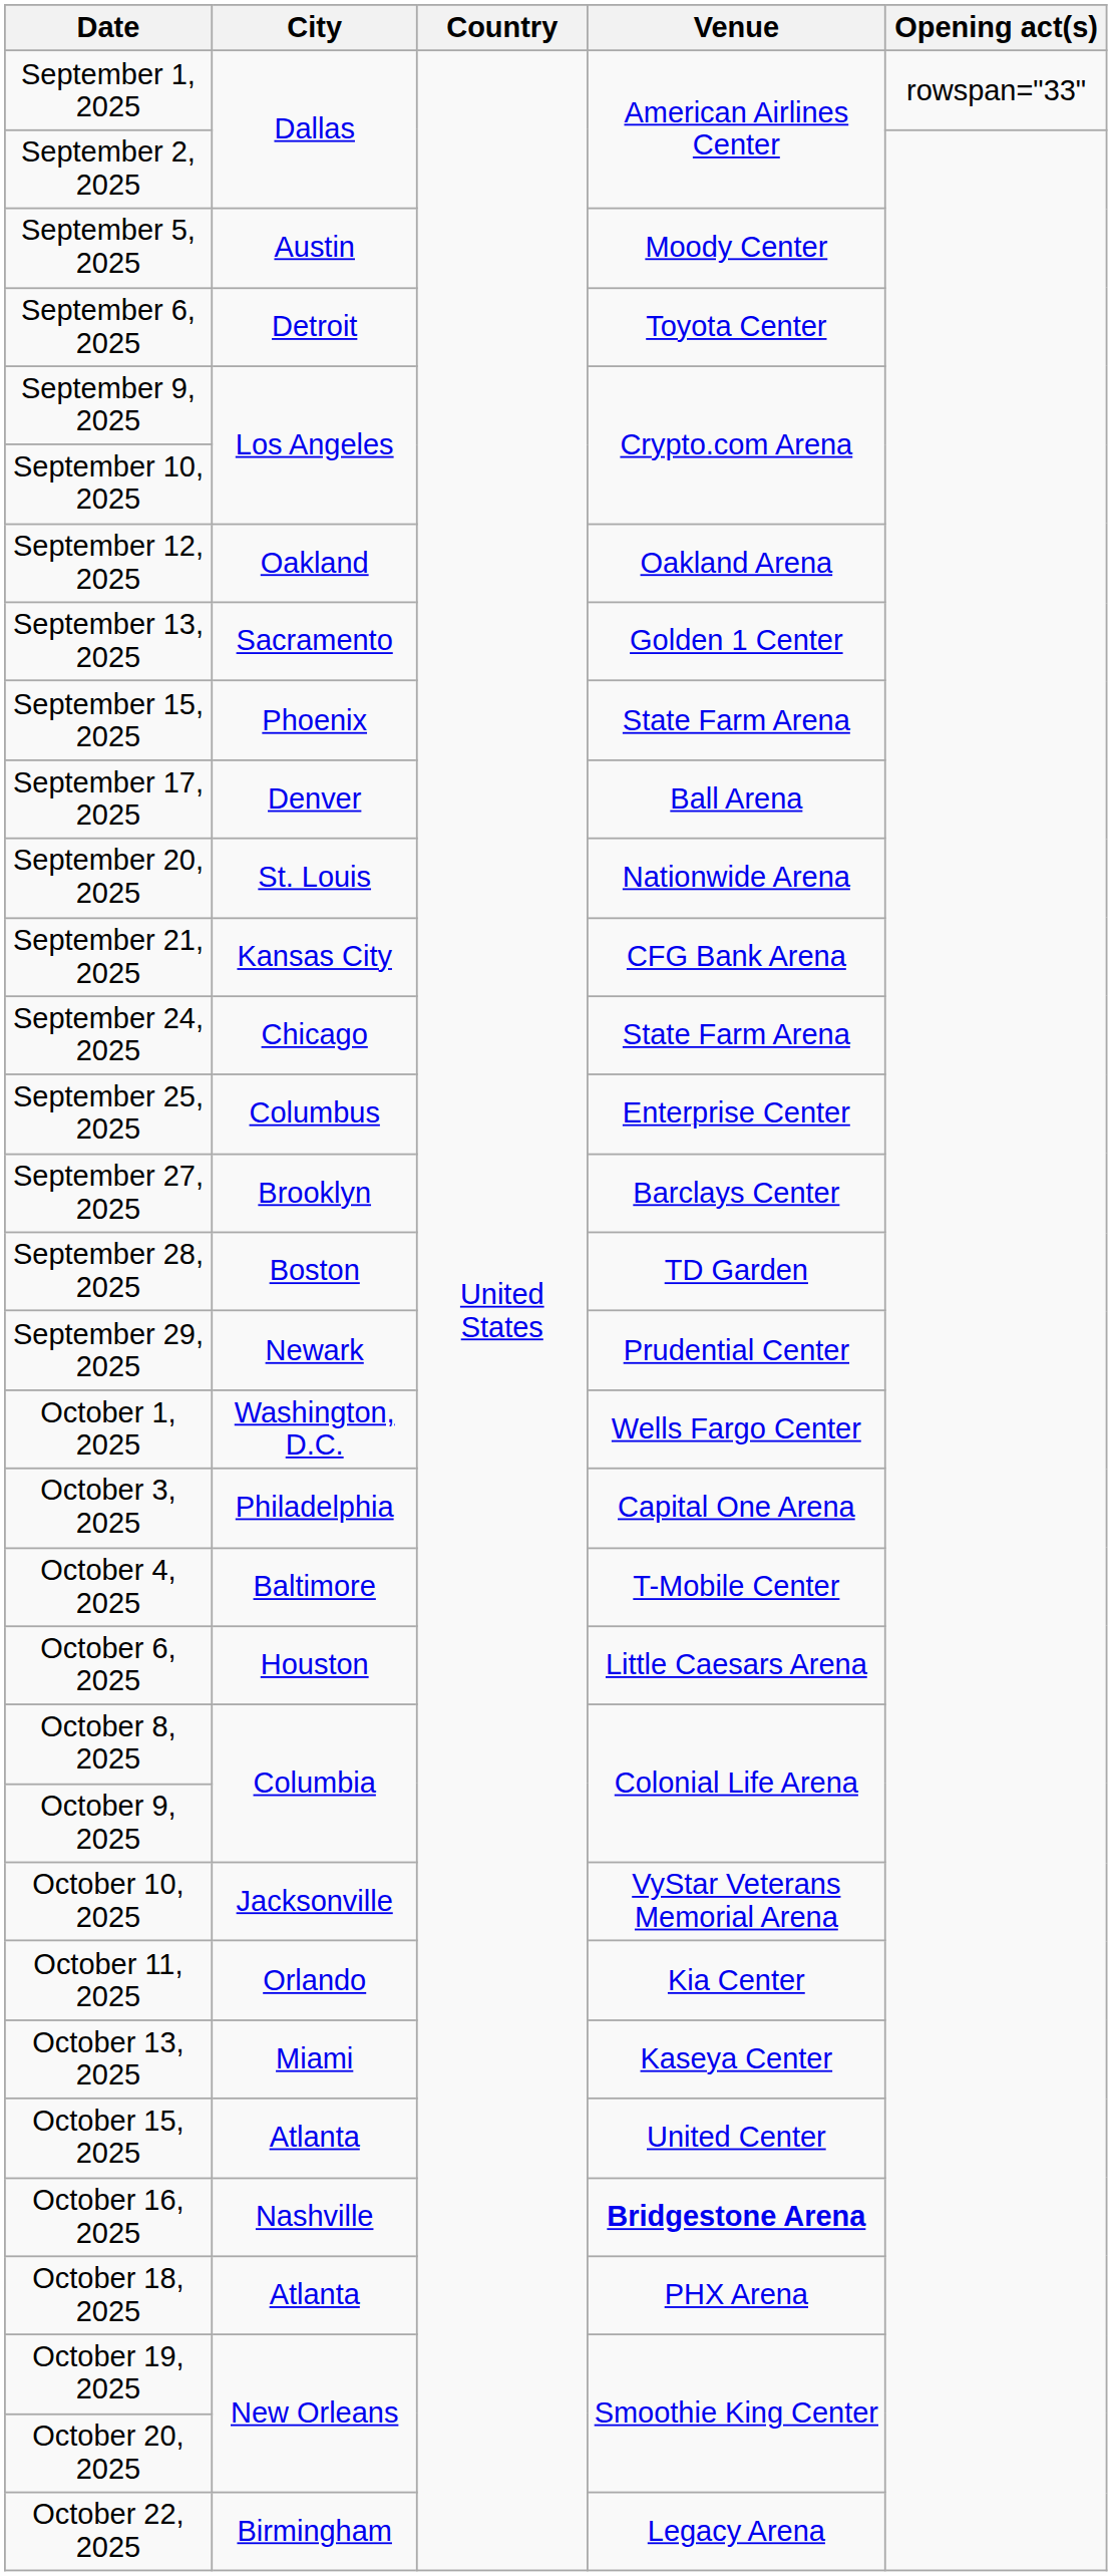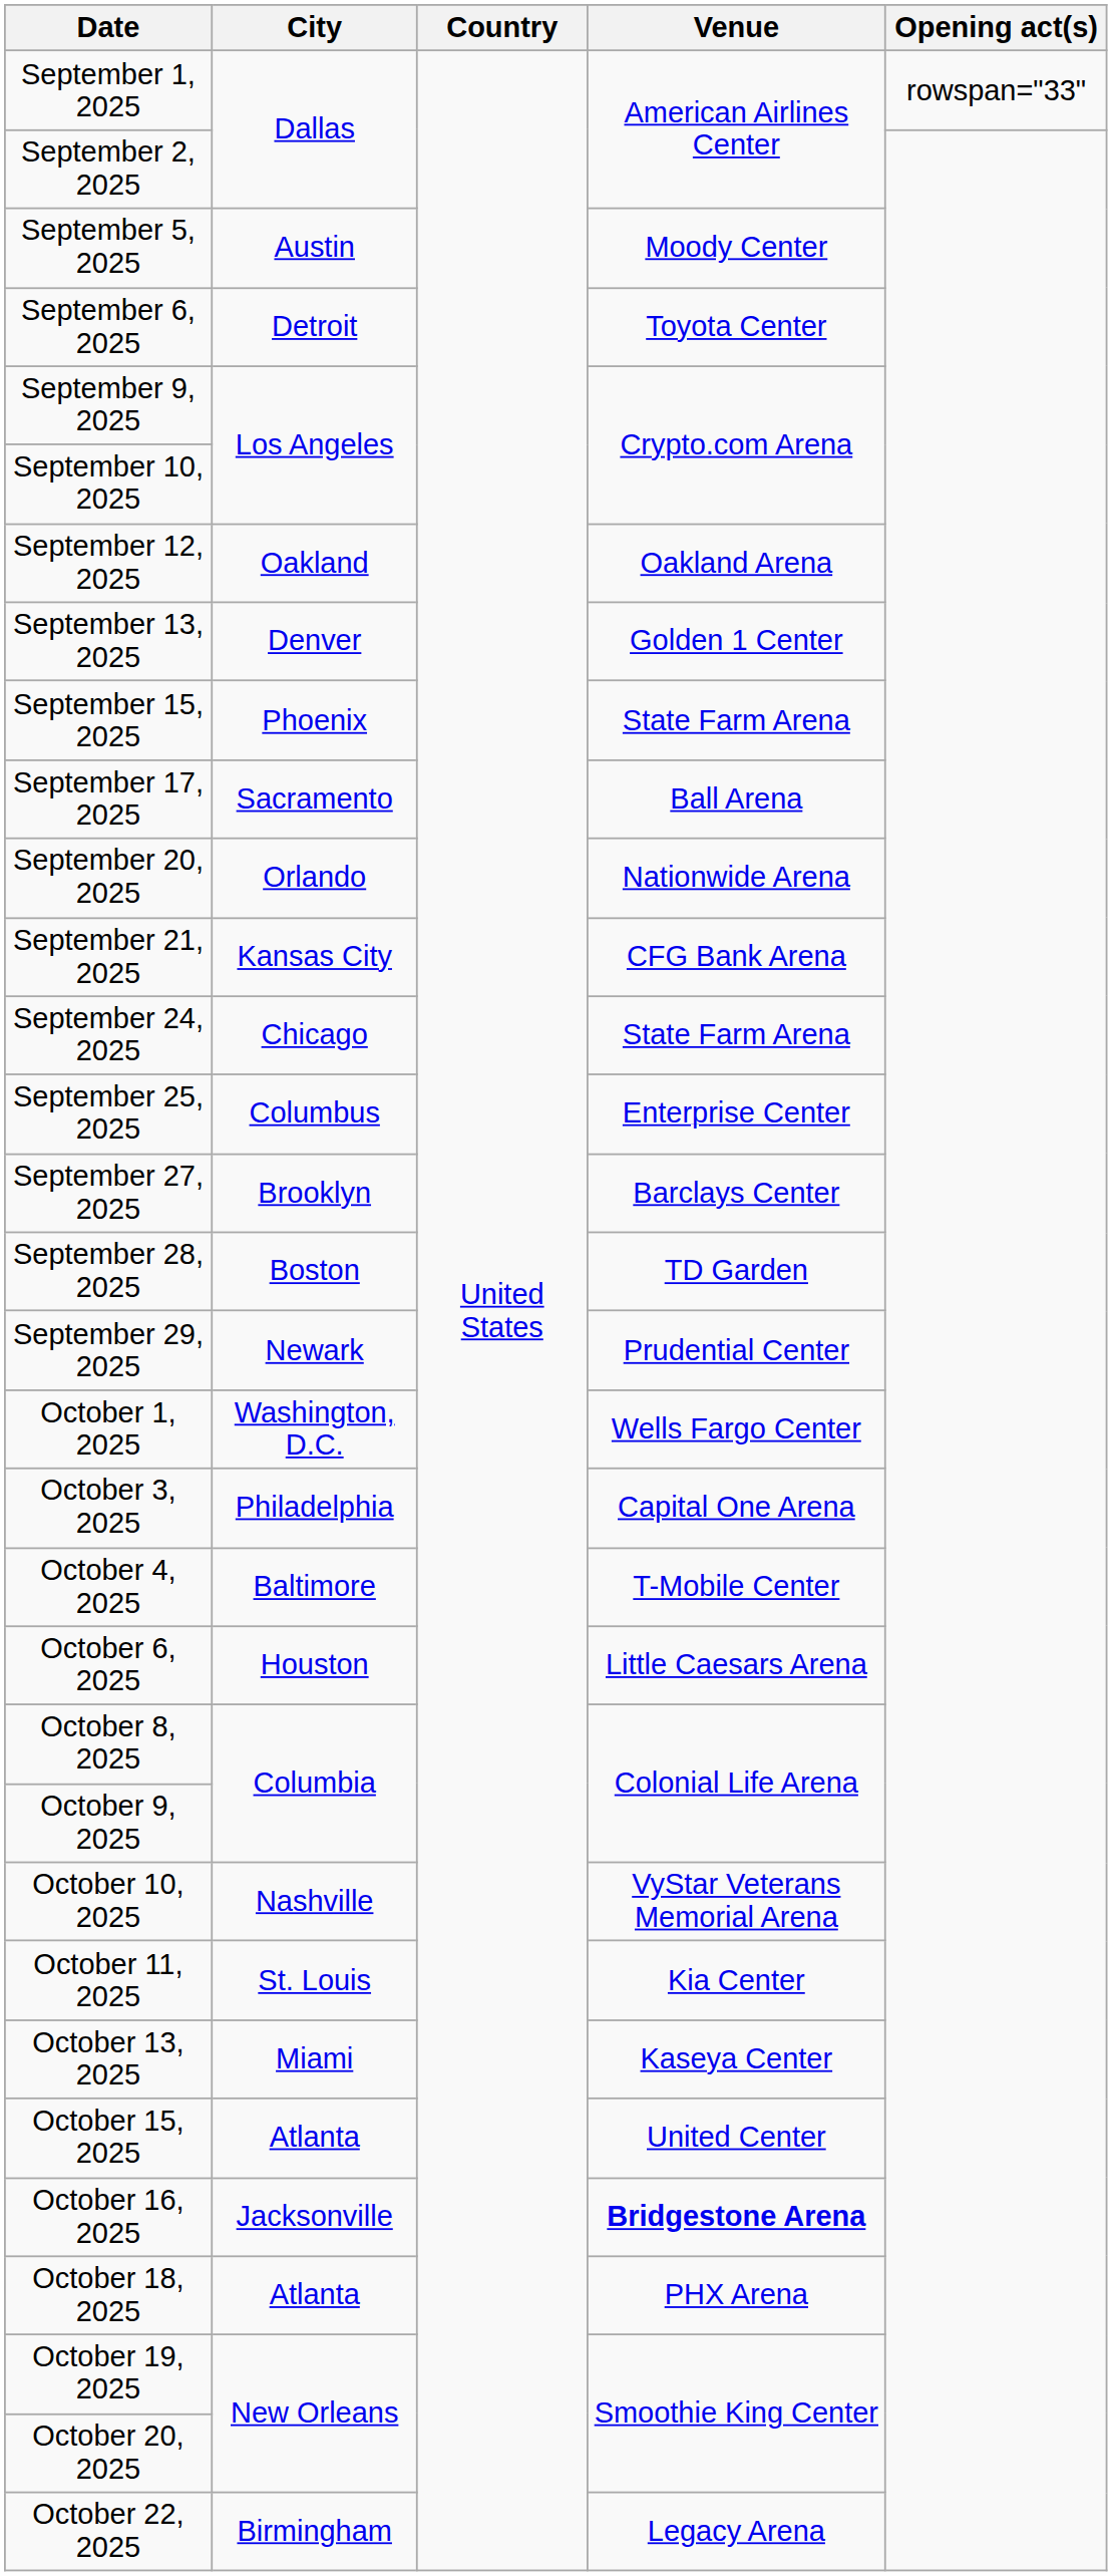 <table class="wikitable" style="text-align:center;">
 <tr>
 <th scope="col" style="width:12em;">Date</th>
 <th scope="col" style="width:10em;">City</th>
 <th scope="col" style="width:10em;">Country</th>
 <th scope="col" style="width:22em;">Venue</th>
 <th scope="col" style="width:10em;">Opening act(s)</th>
 </tr>
 <tr>
 <td>September 1, 2025</td>
 <td rowspan="2"><a href='#'>Dallas</a></td>
 <td rowspan="33"><a href='#'>United States</a></td>
 <td rowspan="2"><a href='#'>American Airlines Center</a></td>
 <td>rowspan="33" </td>
 </tr>
 <tr>
 <td>September 2, 2025</td>
 </tr>
 <tr>
 <td>September 5, 2025</td>
 <td><a href='#'>Austin</a></td>
 <td><a href='#'>Moody Center</a></td>
 </tr>
 <tr>
 <td>September 6, 2025</td>
 <td><a href='#'>Detroit</a></td>
 <td><a href='#'>Toyota Center</a></td>
 </tr>
 <tr>
 <td>September 9, 2025</td>
 <td rowspan="2"><a href='#'>Los Angeles</a></td>
 <td rowspan="2"><a href='#'>Crypto.com Arena</a></td>
 </tr>
 <tr>
 <td>September 10, 2025</td>
 </tr>
 <tr>
 <td>September 12, 2025</td>
 <td><a href='#'>Oakland</a></td>
 <td><a href='#'>Oakland Arena</a></td>
 </tr>
 <tr>
 <td>September 13, 2025</td>
-<td><a href='#'>Sacramento</a></td>
+<td><a href='#'>Denver</a></td>
 <td><a href='#'>Golden 1 Center</a></td>
 </tr>
 <tr>
 <td>September 15, 2025</td>
 <td><a href='#'>Phoenix</a></td>
 <td><a href='#'>State Farm Arena</a></td>
 </tr>
 <tr>
 <td>September 17, 2025</td>
-<td><a href='#'>Denver</a></td>
+<td><a href='#'>Sacramento</a></td>
 <td><a href='#'>Ball Arena</a></td>
 </tr>
 <tr>
 <td>September 20, 2025</td>
-<td><a href='#'>St. Louis</a></td>
+<td><a href='#'>Orlando</a></td>
 <td><a href='#'>Nationwide Arena</a></td>
 </tr>
 <tr>
 <td>September 21, 2025</td>
 <td><a href='#'>Kansas City</a></td>
 <td><a href='#'>CFG Bank Arena</a></td>
 </tr>
 <tr>
 <td>September 24, 2025</td>
 <td><a href='#'>Chicago</a></td>
 <td><a href='#'>State Farm Arena</a></td>
 </tr>
 <tr>
 <td>September 25, 2025</td>
 <td><a href='#'>Columbus</a></td>
 <td><a href='#'>Enterprise Center</a></td>
 </tr>
 <tr>
 <td>September 27, 2025</td>
 <td><a href='#'>Brooklyn</a></td>
 <td><a href='#'>Barclays Center</a></td>
 </tr>
 <tr>
 <td>September 28, 2025</td>
 <td><a href='#'>Boston</a></td>
 <td><a href='#'>TD Garden</a></td>
 </tr>
 <tr>
 <td>September 29, 2025</td>
 <td><a href='#'>Newark</a></td>
 <td><a href='#'>Prudential Center</a></td>
 </tr>
 <tr>
 <td>October 1, 2025</td>
 <td><a href='#'>Washington, D.C.</a></td>
 <td><a href='#'>Wells Fargo Center</a></td>
 </tr>
 <tr>
 <td>October 3, 2025</td>
 <td><a href='#'>Philadelphia</a></td>
 <td><a href='#'>Capital One Arena</a></td>
 </tr>
 <tr>
 <td>October 4, 2025</td>
 <td><a href='#'>Baltimore</a></td>
 <td><a href='#'>T-Mobile Center</a></td>
 </tr>
 <tr>
 <td>October 6, 2025</td>
 <td><a href='#'>Houston</a></td>
 <td><a href='#'>Little Caesars Arena</a></td>
 </tr>
 <tr>
 <td>October 8, 2025</td>
 <td rowspan="2"><a href='#'>Columbia</a></td>
 <td rowspan="2"><a href='#'>Colonial Life Arena</a></td>
 </tr>
 <tr>
 <td>October 9, 2025</td>
 </tr>
 <tr>
 <td>October 10, 2025</td>
-<td><a href='#'>Jacksonville</a></td>
+<td><a href='#'>Nashville</a></td>
 <td><a href='#'>VyStar Veterans Memorial Arena</a></td>
 </tr>
 <tr>
 <td>October 11, 2025</td>
-<td><a href='#'>Orlando</a></td>
+<td><a href='#'>St. Louis</a></td>
 <td><a href='#'>Kia Center</a></td>
 </tr>
 <tr>
 <td>October 13, 2025</td>
 <td><a href='#'>Miami</a></td>
 <td><a href='#'>Kaseya Center</a></td>
 </tr>
 <tr>
 <td>October 15, 2025</td>
 <td><a href='#'>Atlanta</a></td>
 <td><a href='#'>United Center</a></td>
 </tr>
 <tr>
 <td>October 16, 2025</td>
-<td><a href='#'>Nashville</a></td>
+<td><a href='#'>Jacksonville</a></td>
 <td><strong><a href='#'>Bridgestone Arena</a></strong></td>
 </tr>
 <tr>
 <td>October 18, 2025</td>
 <td><a href='#'>Atlanta</a></td>
 <td><a href='#'>PHX Arena</a></td>
 </tr>
 <tr>
 <td>October 19, 2025</td>
 <td rowspan="2"><a href='#'>New Orleans</a></td>
 <td rowspan="2"><a href='#'>Smoothie King Center</a></td>
 </tr>
 <tr>
 <td>October 20, 2025</td>
 </tr>
 <tr>
 <td>October 22, 2025</td>
 <td><a href='#'>Birmingham</a></td>
 <td><a href='#'>Legacy Arena</a></td>
 </tr>
 </table>
